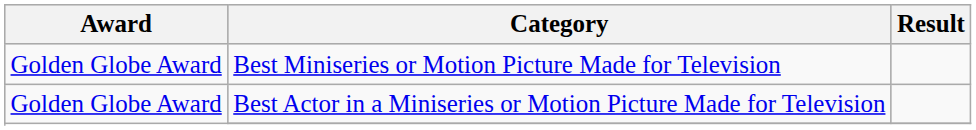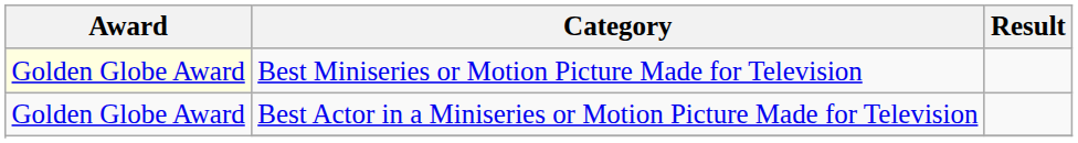 <table class="wikitable">
 <tr>
 <th>Award</th>
 <th>Category</th>
 <th>Result</th>
 </tr>
 <tr>
-<td rowspan=1><a href='#'>Golden Globe Award</a></td>
+<td rowspan=1 style="background: lightyellow;"><a href='#'>Golden Globe Award</a></td>
 <td><a href='#'>Best Miniseries or Motion Picture Made for Television</a></td>
 <td></td>
 </tr>
 <tr>
 <td rowspan=2><a href='#'>Golden Globe Award</a></td>
 <td><a href='#'>Best Actor in a Miniseries or Motion Picture Made for Television</a></td>
 <td></td>
 </tr>
 <tr>
 </tr>
 </table>
